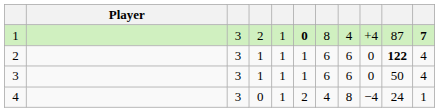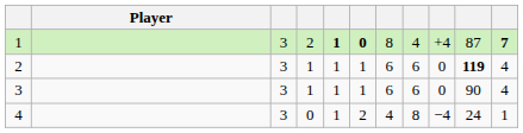 <table class="wikitable" style="text-align:center; margin: 1em auto 1em auto, align:left">
 <tr>
 <th width=20></th>
 <th width=240>Player</th>
 <th width=20></th>
 <th width=20></th>
 <th width=20></th>
 <th width=20></th>
 <th width=20></th>
 <th width=20></th>
 <th width=20></th>
 <th width=30></th>
 <th width=20></th>
 </tr>
 <tr style="background:#D0F0C0;">
 <td>1</td>
 <td align=left></td>
 <td>3</td>
 <td>2</td>
-<td>1</td>
+<td><strong>1</strong></td>
 <td><strong>0</strong></td>
 <td>8</td>
 <td>4</td>
 <td>+4</td>
 <td>87</td>
 <td><strong>7</strong></td>
 </tr>
 <tr style=>
 <td>2</td>
 <td align=left></td>
 <td>3</td>
 <td>1</td>
 <td>1</td>
 <td>1</td>
 <td>6</td>
 <td>6</td>
 <td>0</td>
-<td><strong>122</strong></td>
+<td><strong>119</strong></td>
 <td>4</td>
 </tr>
 <tr style=>
 <td>3</td>
 <td align=left></td>
 <td>3</td>
 <td>1</td>
 <td>1</td>
 <td>1</td>
 <td>6</td>
 <td>6</td>
 <td>0</td>
-<td>50</td>
+<td>90</td>
 <td>4</td>
 </tr>
 <tr style=>
 <td>4</td>
 <td align=left></td>
 <td>3</td>
 <td>0</td>
 <td>1</td>
 <td>2</td>
 <td>4</td>
 <td>8</td>
 <td>−4</td>
 <td>24</td>
 <td>1</td>
 </tr>
 </table>
